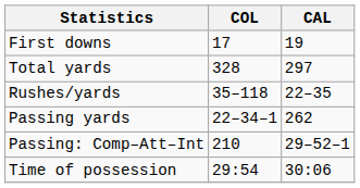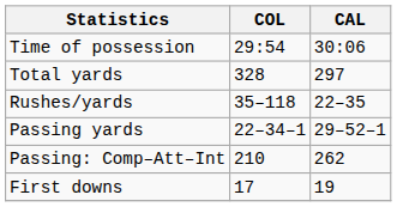 <table class="wikitable" style="float: left;">
 <tr>
 <th>Statistics</th>
 <th>COL</th>
 <th>CAL</th>
 </tr>
 <tr>
-<td>First downs</td>
-<td>17</td>
-<td>19</td>
+<td>Time of possession</td>
+<td>29:54</td>
+<td>30:06</td>
 </tr>
 <tr>
 <td>Total yards</td>
 <td>328</td>
 <td>297</td>
 </tr>
 <tr>
 <td>Rushes/yards</td>
 <td>35–118</td>
 <td>22–35</td>
 </tr>
 <tr>
 <td>Passing yards</td>
 <td>22–34–1</td>
-<td>262</td>
+<td>29–52–1</td>
 </tr>
 <tr>
 <td>Passing: Comp–Att–Int</td>
 <td>210</td>
-<td>29–52–1</td>
+<td>262</td>
 </tr>
 <tr>
-<td>Time of possession</td>
-<td>29:54</td>
-<td>30:06</td>
+<td>First downs</td>
+<td>17</td>
+<td>19</td>
 </tr>
 <tr>
 </tr>
 </table>
